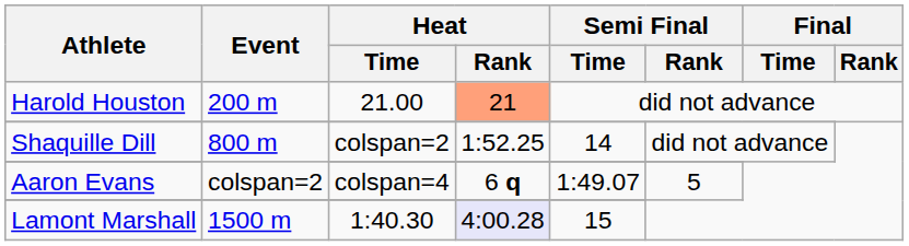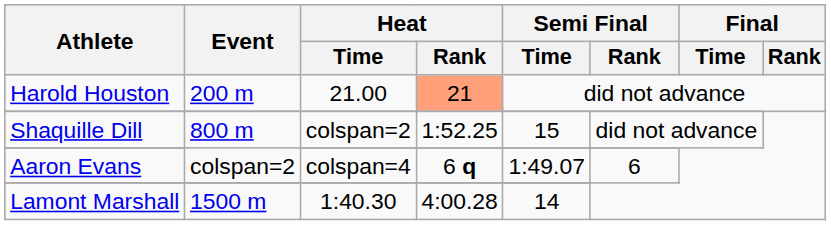 <table class=wikitable style="font-size:90%">
 <tr>
 <th rowspan="2">Athlete</th>
 <th rowspan="2">Event</th>
 <th colspan="2">Heat</th>
 <th colspan="2">Semi Final</th>
 <th colspan="2">Final</th>
 </tr>
 <tr style="font-size:95%">
 <th>Time</th>
 <th>Rank</th>
 <th>Time</th>
 <th>Rank</th>
 <th>Time</th>
 <th>Rank</th>
 </tr>
 <tr align=center>
 <td align=left><a href='#'>Harold Houston</a></td>
 <td align=left><a href='#'>200 m</a></td>
 <td>21.00</td>
 <td style="background: lightsalmon;">21</td>
 <td colspan=4>did not advance</td>
 </tr>
 <tr>
 </tr>
 <tr align=center>
 <td align=left><a href='#'>Shaquille Dill</a></td>
 <td align=left rowspan="2"><a href='#'>800 m</a></td>
 <td>colspan=2 </td>
 <td>1:52.25</td>
-<td>14</td>
+<td>15</td>
 <td colspan=2>did not advance</td>
 </tr>
 <tr>
 </tr>
 <tr align=center>
 <td align=left><a href='#'>Aaron Evans</a></td>
 <td>colspan=2 </td>
 <td>colspan=4 </td>
 <td>6 <strong>q</strong></td>
 <td>1:49.07</td>
-<td>5</td>
+<td>6</td>
 </tr>
 <tr>
 </tr>
 <tr align=center>
 <td align=left><a href='#'>Lamont Marshall</a></td>
 <td align=left><a href='#'>1500 m</a></td>
 <td>1:40.30</td>
-<td style="background: lavender;">4:00.28</td>
-<td>15</td>
+<td>4:00.28</td>
+<td>14</td>
 </tr>
 </table>
